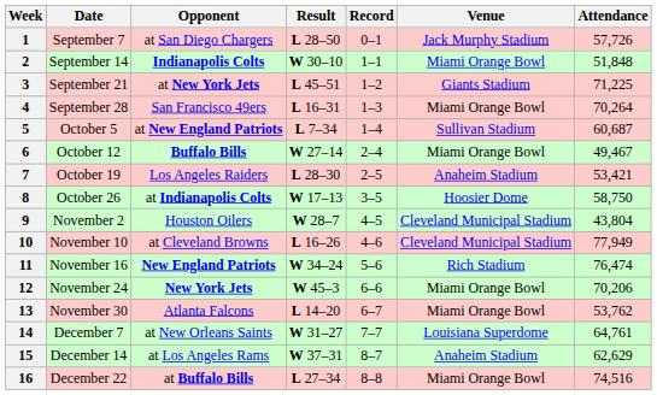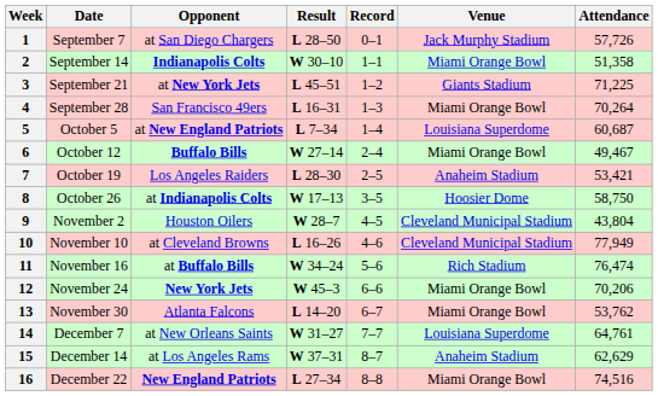 <table class="wikitable" style="text-align:center">
 <tr>
 <th>Week</th>
 <th>Date</th>
 <th>Opponent</th>
 <th>Result</th>
 <th>Record</th>
 <th>Venue</th>
 <th>Attendance</th>
 </tr>
 <tr style="background:#fcc">
 <th>1</th>
 <td>September 7</td>
 <td>at <a href='#'>San Diego Chargers</a></td>
 <td><strong>L</strong> 28–50</td>
 <td>0–1</td>
 <td><a href='#'>Jack Murphy Stadium</a></td>
 <td>57,726</td>
 </tr>
 <tr style="background:#cfc">
 <th>2</th>
 <td>September 14</td>
 <td><strong><a href='#'>Indianapolis Colts</a></strong></td>
 <td><strong>W</strong> 30–10</td>
 <td>1–1</td>
 <td><a href='#'>Miami Orange Bowl</a></td>
-<td>51,848</td>
+<td>51,358</td>
 </tr>
 <tr style="background:#fcc">
 <th>3</th>
 <td>September 21</td>
 <td>at <strong><a href='#'>New York Jets</a></strong></td>
 <td><strong>L</strong> 45–51 </td>
 <td>1–2</td>
 <td><a href='#'>Giants Stadium</a></td>
 <td>71,225</td>
 </tr>
 <tr style="background:#fcc">
 <th>4</th>
 <td>September 28</td>
 <td><a href='#'>San Francisco 49ers</a></td>
 <td><strong>L</strong> 16–31</td>
 <td>1–3</td>
 <td>Miami Orange Bowl</td>
 <td>70,264</td>
 </tr>
 <tr style="background:#fcc">
 <th>5</th>
 <td>October 5</td>
 <td>at <strong><a href='#'>New England Patriots</a></strong></td>
 <td><strong>L</strong> 7–34</td>
 <td>1–4</td>
-<td><a href='#'>Sullivan Stadium</a></td>
+<td><a href='#'>Louisiana Superdome</a></td>
 <td>60,687</td>
 </tr>
 <tr style="background:#cfc">
 <th>6</th>
 <td>October 12</td>
 <td><strong><a href='#'>Buffalo Bills</a></strong></td>
 <td><strong>W</strong> 27–14</td>
 <td>2–4</td>
 <td>Miami Orange Bowl</td>
 <td>49,467</td>
 </tr>
 <tr style="background:#fcc">
 <th>7</th>
 <td>October 19</td>
 <td><a href='#'>Los Angeles Raiders</a></td>
 <td><strong>L</strong> 28–30</td>
 <td>2–5</td>
 <td><a href='#'>Anaheim Stadium</a></td>
 <td>53,421</td>
 </tr>
 <tr style="background:#cfc">
 <th>8</th>
 <td>October 26</td>
 <td>at <strong><a href='#'>Indianapolis Colts</a></strong></td>
 <td><strong>W</strong> 17–13</td>
 <td>3–5</td>
 <td><a href='#'>Hoosier Dome</a></td>
 <td>58,750</td>
 </tr>
 <tr style="background:#cfc">
 <th>9</th>
 <td>November 2</td>
 <td><a href='#'>Houston Oilers</a></td>
 <td><strong>W</strong> 28–7</td>
 <td>4–5</td>
 <td><a href='#'>Cleveland Municipal Stadium</a></td>
 <td>43,804</td>
 </tr>
 <tr style="background:#fcc">
 <th>10</th>
 <td>November 10</td>
 <td>at <a href='#'>Cleveland Browns</a></td>
 <td><strong>L</strong> 16–26</td>
 <td>4–6</td>
 <td><a href='#'>Cleveland Municipal Stadium</a></td>
 <td>77,949</td>
 </tr>
 <tr style="background:#cfc">
 <th>11</th>
 <td>November 16</td>
-<td><strong><a href='#'>New England Patriots</a></strong></td>
+<td>at <strong><a href='#'>Buffalo Bills</a></strong></td>
 <td><strong>W</strong> 34–24</td>
 <td>5–6</td>
 <td><a href='#'>Rich Stadium</a></td>
 <td>76,474</td>
 </tr>
 <tr style="background:#cfc">
 <th>12</th>
 <td>November 24</td>
 <td><strong><a href='#'>New York Jets</a></strong></td>
 <td><strong>W</strong> 45–3</td>
 <td>6–6</td>
 <td>Miami Orange Bowl</td>
 <td>70,206</td>
 </tr>
 <tr style="background:#fcc">
 <th>13</th>
 <td>November 30</td>
 <td><a href='#'>Atlanta Falcons</a></td>
 <td><strong>L</strong> 14–20</td>
 <td>6–7</td>
 <td>Miami Orange Bowl</td>
 <td>53,762</td>
 </tr>
 <tr style="background:#cfc">
 <th>14</th>
 <td>December 7</td>
 <td>at <a href='#'>New Orleans Saints</a></td>
 <td><strong>W</strong> 31–27</td>
 <td>7–7</td>
 <td><a href='#'>Louisiana Superdome</a></td>
 <td>64,761</td>
 </tr>
 <tr style="background:#cfc">
 <th>15</th>
 <td>December 14</td>
 <td>at <a href='#'>Los Angeles Rams</a></td>
 <td><strong>W</strong> 37–31 </td>
 <td>8–7</td>
 <td><a href='#'>Anaheim Stadium</a></td>
 <td>62,629</td>
 </tr>
 <tr style="background:#fcc">
 <th>16</th>
 <td>December 22</td>
-<td>at <strong><a href='#'>Buffalo Bills</a></strong></td>
+<td><strong><a href='#'>New England Patriots</a></strong></td>
 <td><strong>L</strong> 27–34</td>
 <td>8–8</td>
 <td>Miami Orange Bowl</td>
 <td>74,516</td>
 </tr>
 </table>
